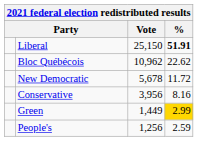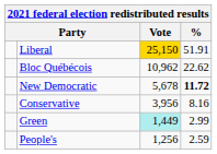 <table class="wikitable">
 <tr>
 <th colspan="4"><a href='#'>2021 federal election</a> redistributed results</th>
 </tr>
 <tr>
 <th bgcolor="#DDDDFF" width="130px" colspan="2">Party</th>
 <th bgcolor="#DDDDFF" width="50px">Vote</th>
 <th bgcolor="#DDDDFF" width="30px">%</th>
 </tr>
 <tr>
 <td> </td>
 <td><a href='#'>Liberal</a></td>
-<td align=right>25,150</td>
-<td align=right><strong>51.91</strong></td>
+<td align=right style="background: gold;">25,150</td>
+<td align=right>51.91</td>
 </tr>
 <tr>
 <td> </td>
 <td><a href='#'>Bloc Québécois</a></td>
 <td align=right>10,962</td>
 <td align=right>22.62</td>
 </tr>
 <tr>
 <td> </td>
 <td><a href='#'>New Democratic</a></td>
 <td align=right>5,678</td>
-<td align=right>11.72</td>
+<td align=right><strong>11.72</strong></td>
 </tr>
 <tr>
 <td> </td>
 <td><a href='#'>Conservative</a></td>
 <td align=right>3,956</td>
 <td align=right>8.16</td>
 </tr>
 <tr>
 <td> </td>
 <td><a href='#'>Green</a></td>
-<td align=right>1,449</td>
-<td align=right style="background: gold;">2.99</td>
+<td align=right style="background: paleturquoise;">1,449</td>
+<td align=right>2.99</td>
 </tr>
 <tr>
 <td> </td>
 <td><a href='#'>People's</a></td>
 <td align=right>1,256</td>
 <td align=right>2.59</td>
 </tr>
 </table>
